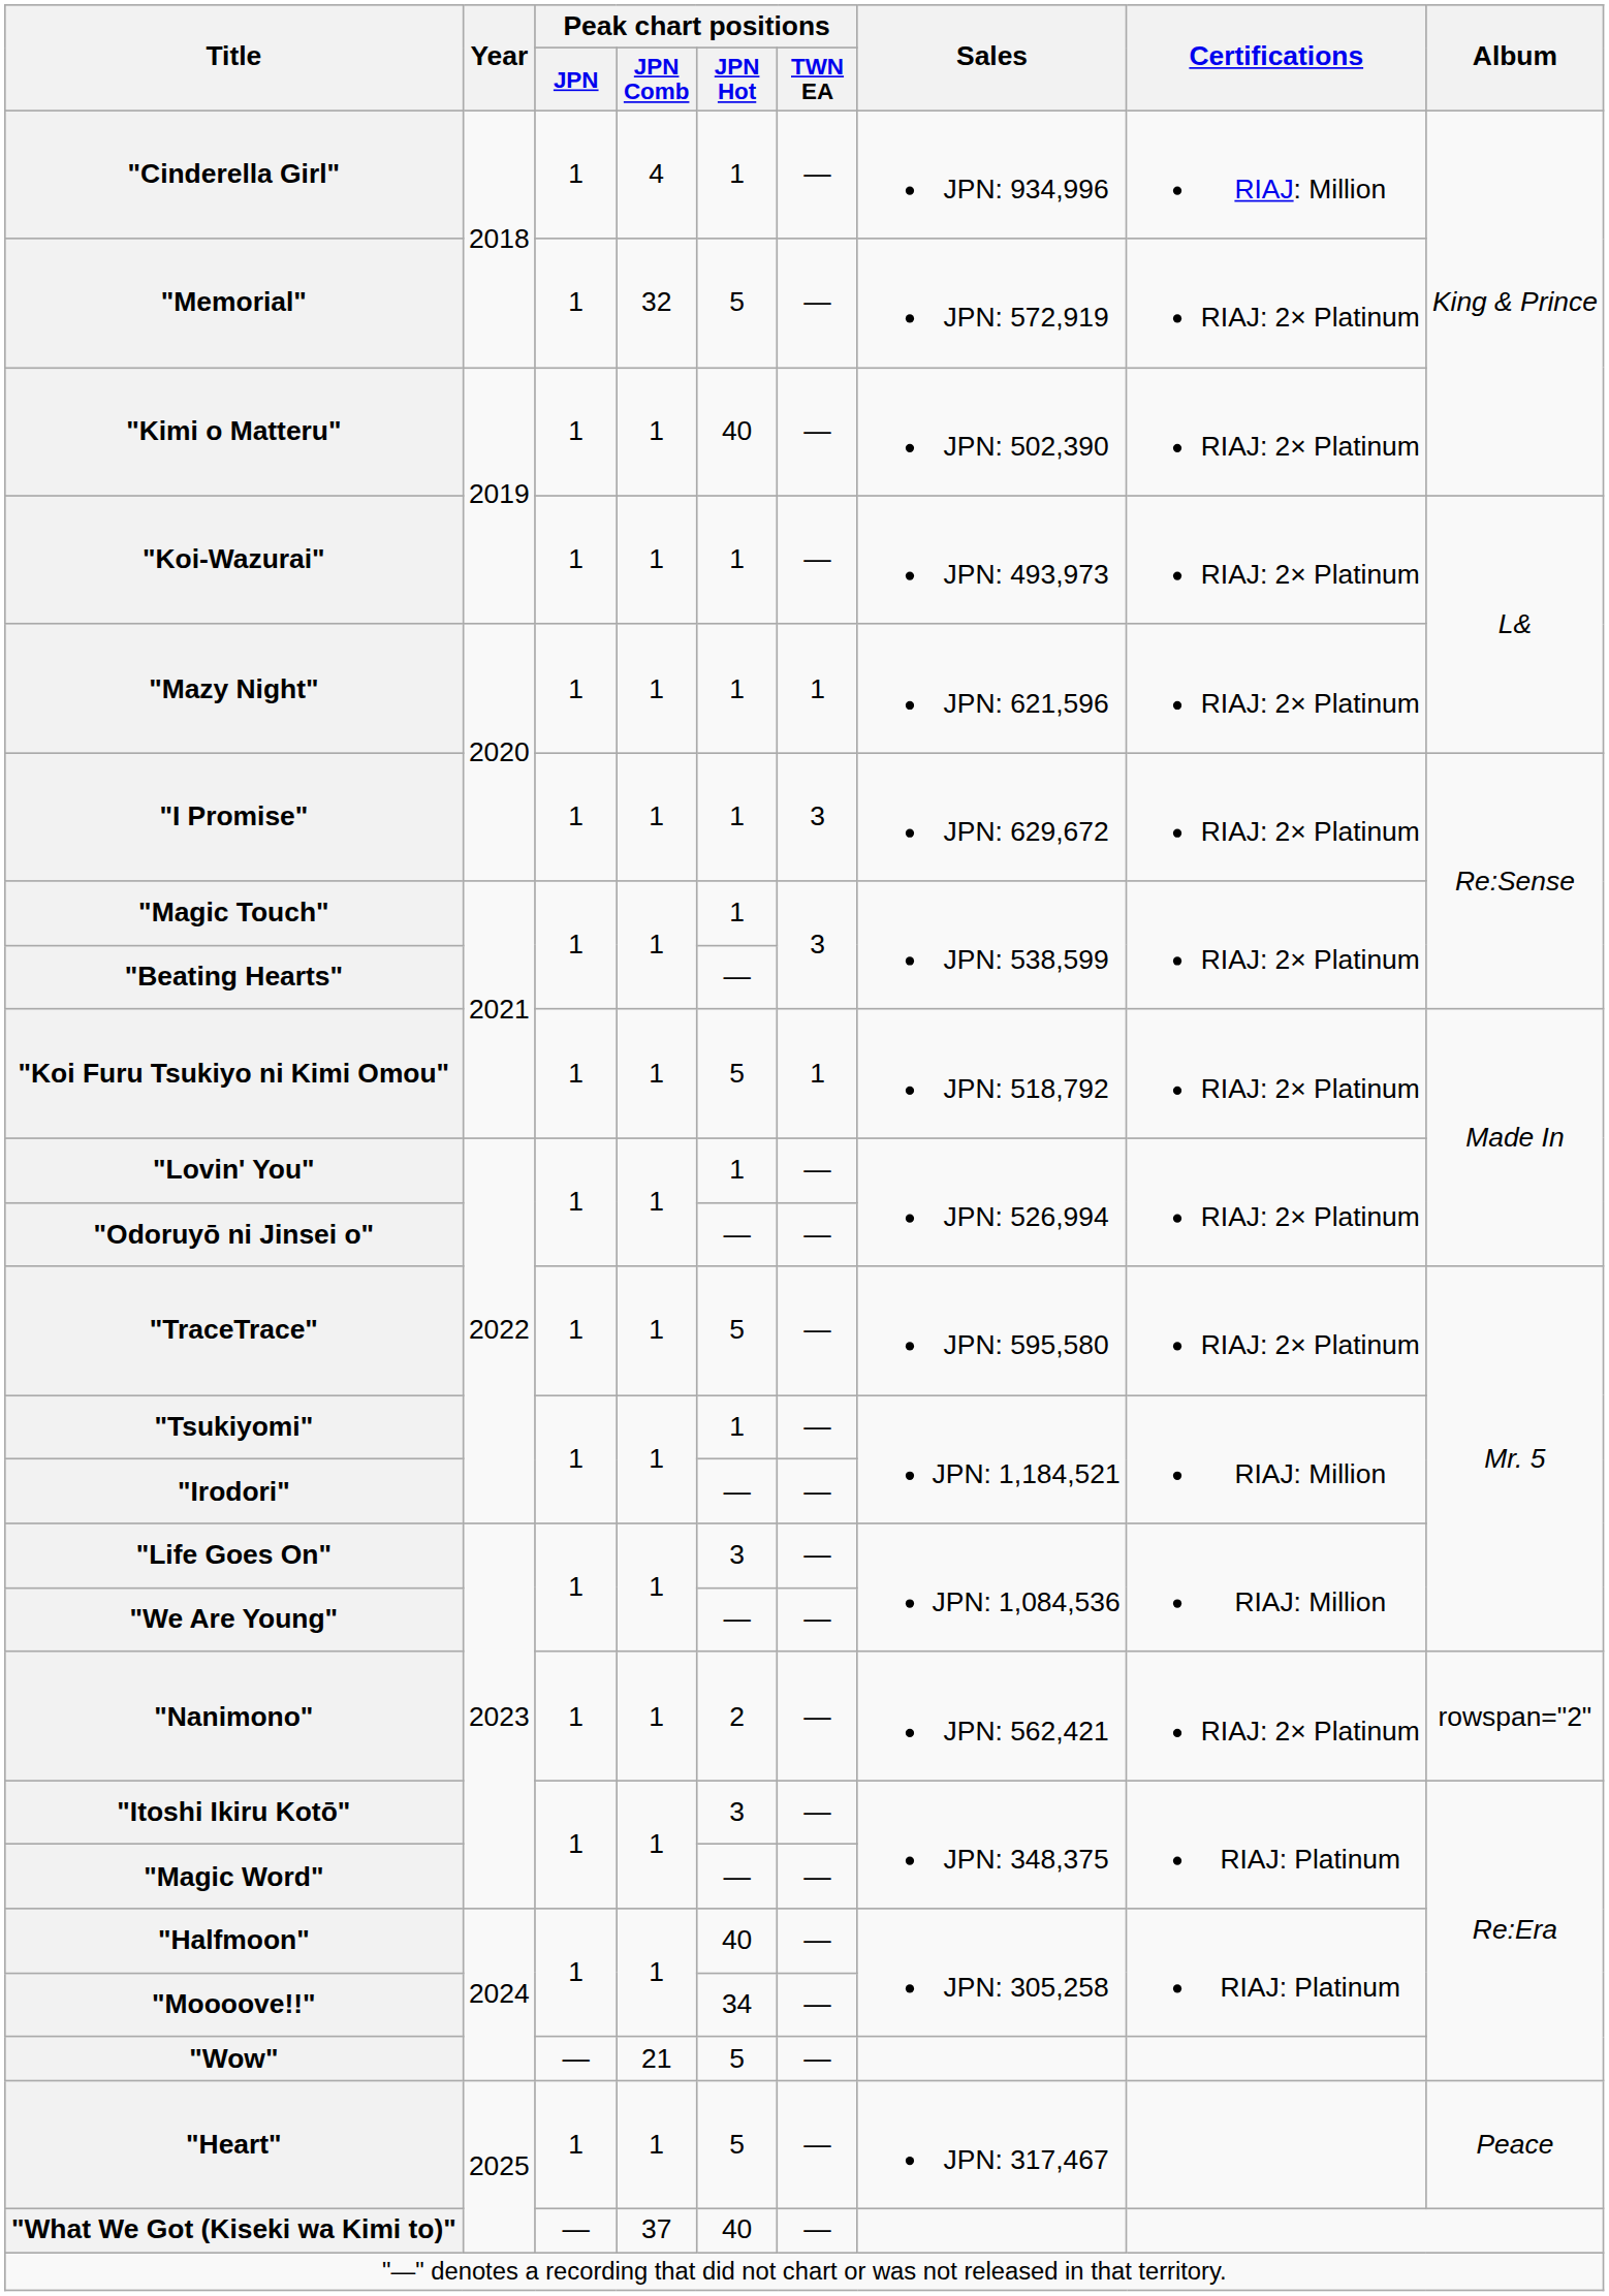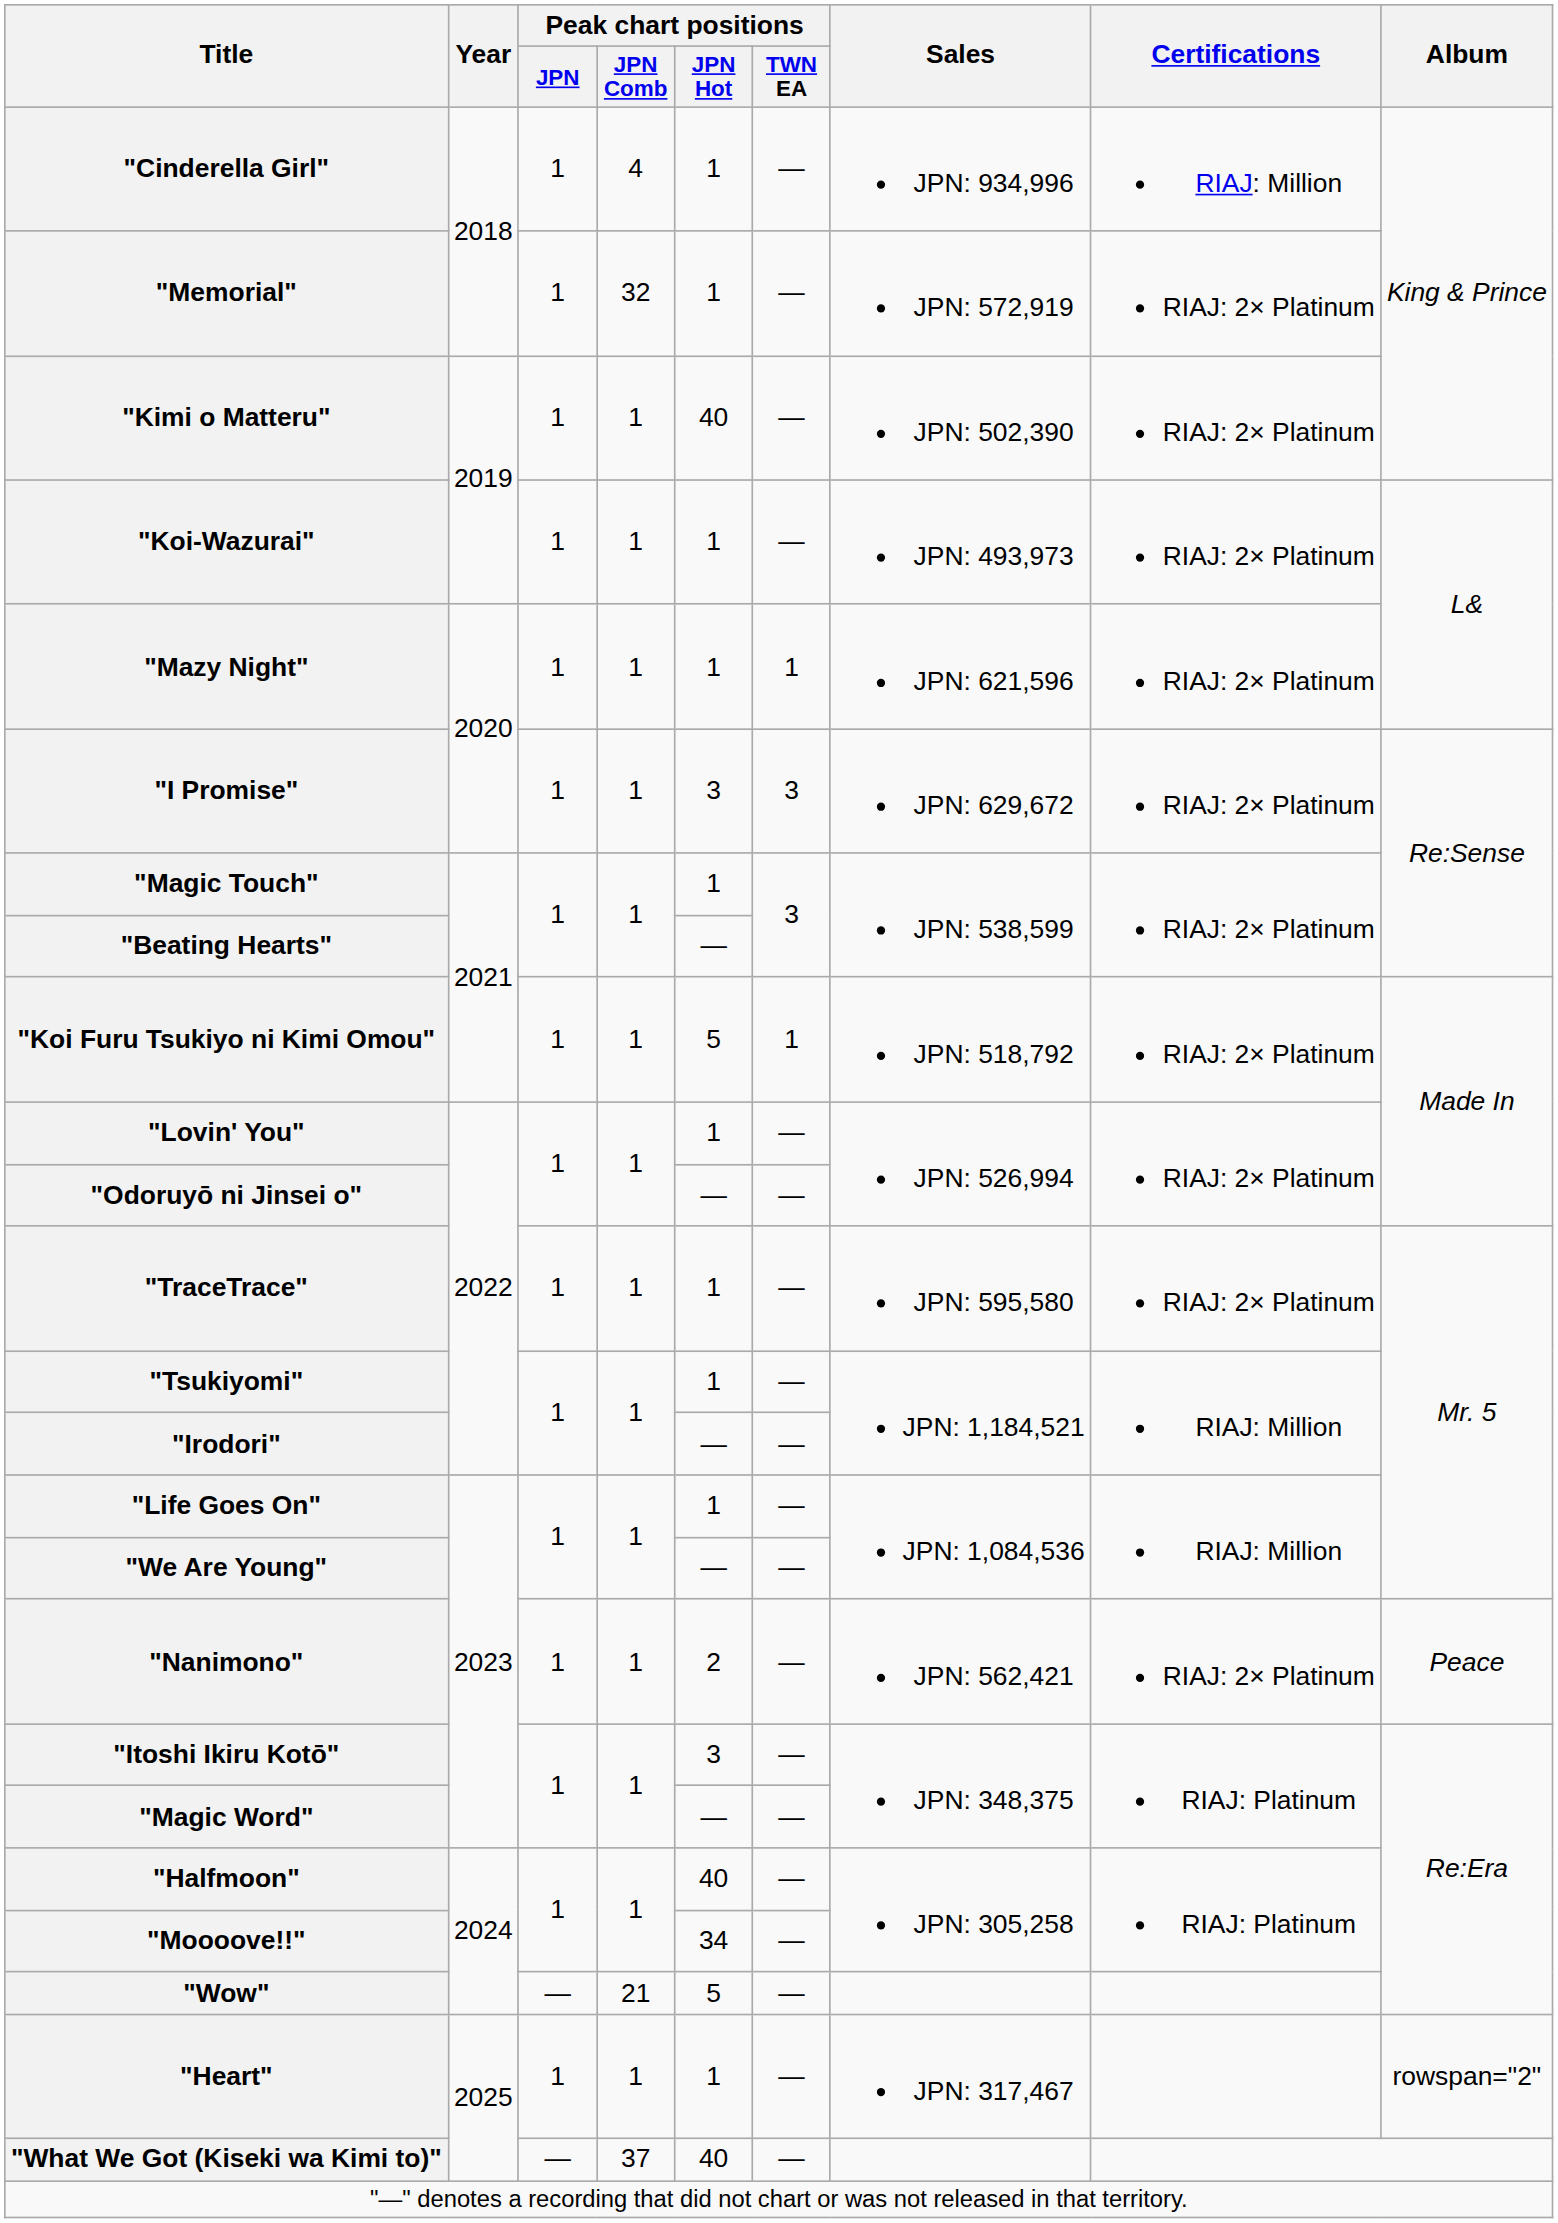 <table class="wikitable plainrowheaders" style="text-align:center;">
 <tr>
 <th scope="col" rowspan="2">Title</th>
 <th scope="col" rowspan="2">Year</th>
 <th scope="col" colspan="4">Peak chart positions</th>
 <th scope="col" rowspan="2">Sales</th>
 <th scope="col" rowspan="2"><a href='#'>Certifications</a></th>
 <th scope="col" rowspan="2">Album</th>
 </tr>
 <tr>
 <th scope="col" style="width:3em;font-size:85%;"><a href='#'>JPN</a><br></th>
 <th scope="col" style="width:3em;font-size:85%;"><a href='#'>JPN<br>Comb</a><br></th>
 <th scope="col" style="width:3em;font-size:85%;"><a href='#'>JPN<br>Hot</a><br></th>
 <th scope="col" style="width:3em;font-size:85%;"><a href='#'>TWN</a><br>EA<br></th>
 </tr>
 <tr>
 <th scope="row">"Cinderella Girl"</th>
 <td rowspan="2">2018</td>
 <td>1</td>
 <td>4</td>
 <td>1</td>
 <td>—</td>
 <td><br><ul><li>JPN: 934,996</li></ul></td>
 <td><br><ul><li><a href='#'>RIAJ</a>: Million</li></ul></td>
 <td rowspan="3"><em>King & Prince</em></td>
 </tr>
 <tr>
 <th scope="row">"Memorial"</th>
 <td>1</td>
 <td>32</td>
-<td>5</td>
+<td>1</td>
 <td>—</td>
 <td><br><ul><li>JPN: 572,919</li></ul></td>
 <td><br><ul><li>RIAJ: 2× Platinum</li></ul></td>
 </tr>
 <tr>
 <th scope="row">"Kimi o Matteru"</th>
 <td rowspan="2">2019</td>
 <td>1</td>
 <td>1</td>
 <td>40</td>
 <td>—</td>
 <td><br><ul><li>JPN: 502,390</li></ul></td>
 <td><br><ul><li>RIAJ: 2× Platinum</li></ul></td>
 </tr>
 <tr>
 <th scope="row">"Koi-Wazurai"</th>
 <td>1</td>
 <td>1</td>
 <td>1</td>
 <td>—</td>
 <td><br><ul><li>JPN: 493,973</li></ul></td>
 <td><br><ul><li>RIAJ: 2× Platinum</li></ul></td>
 <td rowspan="2"><em>L&</em></td>
 </tr>
 <tr>
 <th scope="row">"Mazy Night"</th>
 <td rowspan="2">2020</td>
 <td>1</td>
 <td>1</td>
 <td>1</td>
 <td>1</td>
 <td><br><ul><li>JPN: 621,596</li></ul></td>
 <td><br><ul><li>RIAJ: 2× Platinum</li></ul></td>
 </tr>
 <tr>
 <th scope="row">"I Promise"</th>
 <td>1</td>
 <td>1</td>
-<td>1</td>
+<td>3</td>
 <td>3</td>
 <td><br><ul><li>JPN: 629,672</li></ul></td>
 <td><br><ul><li>RIAJ: 2× Platinum</li></ul></td>
 <td rowspan="3"><em>Re:Sense</em></td>
 </tr>
 <tr>
 <th scope="row">"Magic Touch"</th>
 <td rowspan="3">2021</td>
 <td rowspan="2">1</td>
 <td rowspan="2">1</td>
 <td>1</td>
 <td rowspan="2">3</td>
 <td rowspan="2"><br><ul><li>JPN: 538,599</li></ul></td>
 <td rowspan="2"><br><ul><li>RIAJ: 2× Platinum</li></ul></td>
 </tr>
 <tr>
 <th scope="row">"Beating Hearts"</th>
 <td>—</td>
 </tr>
 <tr>
 <th scope="row">"Koi Furu Tsukiyo ni Kimi Omou"</th>
 <td>1</td>
 <td>1</td>
 <td>5</td>
 <td>1</td>
 <td><br><ul><li>JPN: 518,792</li></ul></td>
 <td><br><ul><li>RIAJ: 2× Platinum</li></ul></td>
 <td rowspan="3"><em>Made In</em></td>
 </tr>
 <tr>
 <th scope="row">"Lovin' You"</th>
 <td rowspan="5">2022</td>
 <td rowspan="2">1</td>
 <td rowspan="2">1</td>
 <td>1</td>
 <td>—</td>
 <td rowspan="2"><br><ul><li>JPN: 526,994</li></ul></td>
 <td rowspan="2"><br><ul><li>RIAJ: 2× Platinum</li></ul></td>
 </tr>
 <tr>
 <th scope="row">"Odoruyō ni Jinsei o"</th>
 <td>—</td>
 <td>—</td>
 </tr>
 <tr>
 <th scope="row">"TraceTrace"</th>
 <td>1</td>
 <td>1</td>
-<td>5</td>
+<td>1</td>
 <td>—</td>
 <td><br><ul><li>JPN: 595,580</li></ul></td>
 <td><br><ul><li>RIAJ: 2× Platinum</li></ul></td>
 <td rowspan="5"><em>Mr. 5</em></td>
 </tr>
 <tr>
 <th scope="row">"Tsukiyomi"</th>
 <td rowspan="2">1</td>
 <td rowspan="2">1</td>
 <td>1</td>
 <td>—</td>
 <td rowspan="2"><br><ul><li>JPN: 1,184,521</li></ul></td>
 <td rowspan="2"><br><ul><li>RIAJ: Million</li></ul></td>
 </tr>
 <tr>
 <th scope="row">"Irodori"</th>
 <td>—</td>
 <td>—</td>
 </tr>
 <tr>
 <th scope="row">"Life Goes On"</th>
 <td rowspan="5">2023</td>
 <td rowspan="2">1</td>
 <td rowspan="2">1</td>
-<td>3</td>
+<td>1</td>
 <td>—</td>
 <td rowspan="2"><br><ul><li>JPN: 1,084,536</li></ul></td>
 <td rowspan="2"><br><ul><li>RIAJ: Million</li></ul></td>
 </tr>
 <tr>
 <th scope="row">"We Are Young"</th>
 <td>—</td>
 <td>—</td>
 </tr>
 <tr>
 <th scope="row">"Nanimono"</th>
 <td>1</td>
 <td>1</td>
 <td>2</td>
 <td>—</td>
 <td><br><ul><li>JPN: 562,421</li></ul></td>
 <td><br><ul><li>RIAJ: 2× Platinum</li></ul></td>
-<td>rowspan="2" </td>
+<td><em>Peace</em></td>
 </tr>
 <tr>
 <th scope="row">"Itoshi Ikiru Kotō"</th>
 <td rowspan="2">1</td>
 <td rowspan="2">1</td>
 <td>3</td>
 <td>—</td>
 <td rowspan="2"><br><ul><li>JPN: 348,375</li></ul></td>
 <td rowspan="2"><br><ul><li>RIAJ: Platinum</li></ul></td>
 <td rowspan="5"><em>Re:Era</em></td>
 </tr>
 <tr>
 <th scope="row">"Magic Word"</th>
 <td>—</td>
 <td>—</td>
 </tr>
 <tr>
 <th scope="row">"Halfmoon"</th>
 <td rowspan="3">2024</td>
 <td rowspan="2">1</td>
 <td rowspan="2">1</td>
 <td>40</td>
 <td>—</td>
 <td rowspan="2"><br><ul><li>JPN: 305,258</li></ul></td>
 <td rowspan="2"><br><ul><li>RIAJ: Platinum</li></ul></td>
 </tr>
 <tr>
 <th scope="row">"Moooove!&excl;"</th>
 <td>34</td>
 <td>—</td>
 </tr>
 <tr>
 <th scope="row">"Wow"</th>
 <td>—</td>
 <td>21</td>
 <td>5</td>
 <td>—</td>
 <td></td>
 <td></td>
 </tr>
 <tr>
 <th scope="row">"Heart"</th>
 <td rowspan="2">2025</td>
 <td>1</td>
 <td>1</td>
-<td>5</td>
+<td>1</td>
 <td>—</td>
 <td><br><ul><li>JPN: 317,467</li></ul></td>
 <td></td>
-<td><em>Peace</em></td>
+<td>rowspan="2" </td>
 </tr>
 <tr>
 <th scope="row">"What We Got (Kiseki wa Kimi to)"</th>
 <td>—</td>
 <td>37</td>
 <td>40</td>
 <td>—</td>
 <td></td>
 </tr>
 <tr>
 <td colspan="9" style="font-size:90%">"—" denotes a recording that did not chart or was not released in that territory.</td>
 </tr>
 </table>
